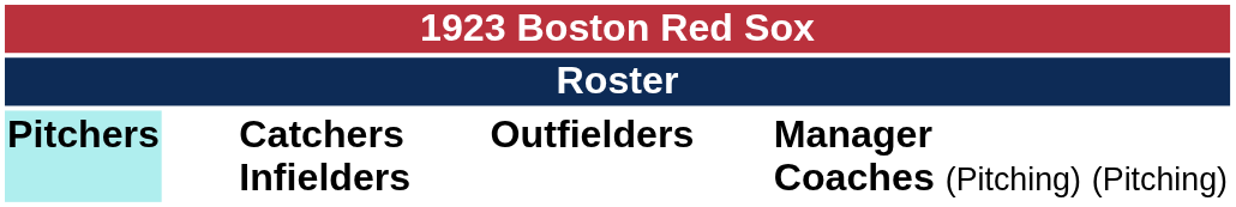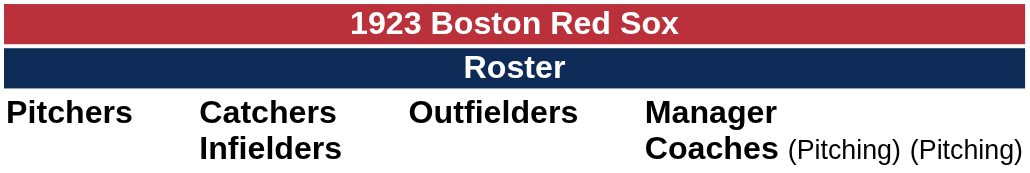 <table class="toccolours" style="text-align: left;">
 <tr>
 <th colspan="10" style="background-color: #ba313c; color: white; text-align: center;">1923 Boston Red Sox</th>
 </tr>
 <tr>
 <td colspan="10" style="background-color: #0d2b56; color: white; text-align: center;"><strong>Roster</strong></td>
 </tr>
 <tr>
-<td valign="top" style="background: paleturquoise;"><strong>Pitchers</strong><br>          </td>
+<td valign="top"><strong>Pitchers</strong><br>          </td>
 <td width="25px"></td>
 <td valign="top"><strong>Catchers</strong><br>   <strong>Infielders</strong>       </td>
 <td width="25px"></td>
 <td valign="top"><strong>Outfielders</strong><br>        </td>
 <td width="25px"></td>
 <td valign="top"><strong>Manager</strong><br> <strong>Coaches</strong>  <small>(Pitching)</small>  <small>(Pitching)</small></td>
 </tr>
 <tr>
 </tr>
 </table>
